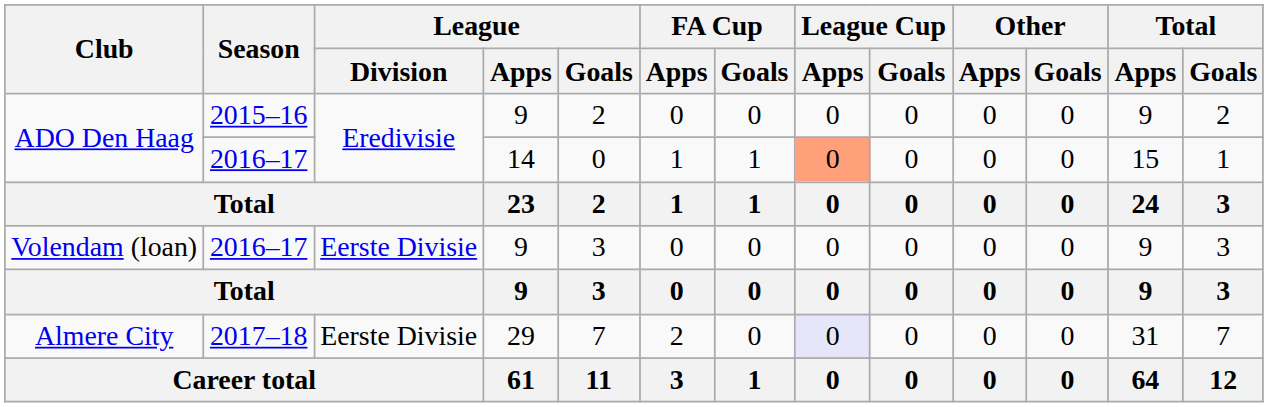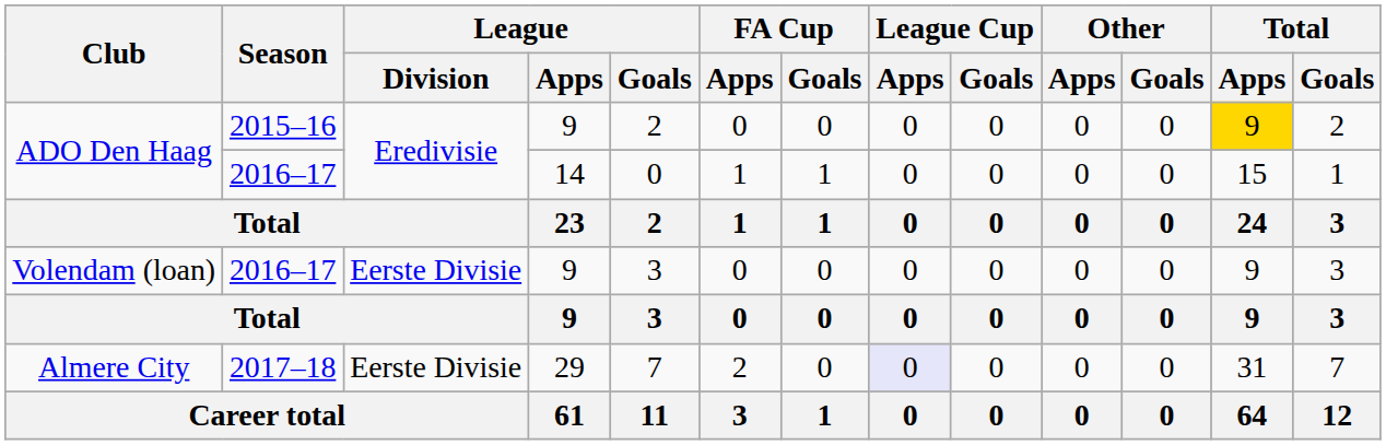 <table class="wikitable" style="text-align: center;">
 <tr>
 <th rowspan="2">Club</th>
 <th rowspan="2">Season</th>
 <th colspan="3">League</th>
 <th colspan="2">FA Cup</th>
 <th colspan="2">League Cup</th>
 <th colspan="2">Other</th>
 <th colspan="2">Total</th>
 </tr>
 <tr>
 <th>Division</th>
 <th>Apps</th>
 <th>Goals</th>
 <th>Apps</th>
 <th>Goals</th>
 <th>Apps</th>
 <th>Goals</th>
 <th>Apps</th>
 <th>Goals</th>
 <th>Apps</th>
 <th>Goals</th>
 </tr>
 <tr>
 <td rowspan="2"><a href='#'>ADO Den Haag</a></td>
 <td><a href='#'>2015–16</a></td>
 <td rowspan="2"><a href='#'>Eredivisie</a></td>
 <td>9</td>
 <td>2</td>
 <td>0</td>
 <td>0</td>
 <td>0</td>
 <td>0</td>
 <td>0</td>
 <td>0</td>
-<td>9</td>
+<td style="background: gold;">9</td>
 <td>2</td>
 </tr>
 <tr>
 <td><a href='#'>2016–17</a></td>
 <td>14</td>
 <td>0</td>
 <td>1</td>
 <td>1</td>
-<td style="background: lightsalmon;">0</td>
+<td>0</td>
 <td>0</td>
 <td>0</td>
 <td>0</td>
 <td>15</td>
 <td>1</td>
 </tr>
 <tr>
 <th colspan="3">Total</th>
 <th>23</th>
 <th>2</th>
 <th>1</th>
 <th>1</th>
 <th>0</th>
 <th>0</th>
 <th>0</th>
 <th>0</th>
 <th>24</th>
 <th>3</th>
 </tr>
 <tr>
 <td rowspan="1"><a href='#'>Volendam</a> (loan)</td>
 <td><a href='#'>2016–17</a></td>
 <td><a href='#'>Eerste Divisie</a></td>
 <td>9</td>
 <td>3</td>
 <td>0</td>
 <td>0</td>
 <td>0</td>
 <td>0</td>
 <td>0</td>
 <td>0</td>
 <td>9</td>
 <td>3</td>
 </tr>
 <tr>
 <th colspan="3">Total</th>
 <th>9</th>
 <th>3</th>
 <th>0</th>
 <th>0</th>
 <th>0</th>
 <th>0</th>
 <th>0</th>
 <th>0</th>
 <th>9</th>
 <th>3</th>
 </tr>
 <tr>
 <td rowspan="1"><a href='#'>Almere City</a></td>
 <td><a href='#'>2017–18</a></td>
 <td>Eerste Divisie</td>
 <td>29</td>
 <td>7</td>
 <td>2</td>
 <td>0</td>
 <td style="background: lavender;">0</td>
 <td>0</td>
 <td>0</td>
 <td>0</td>
 <td>31</td>
 <td>7</td>
 </tr>
 <tr>
 <th colspan="3">Career total</th>
 <th>61</th>
 <th>11</th>
 <th>3</th>
 <th>1</th>
 <th>0</th>
 <th>0</th>
 <th>0</th>
 <th>0</th>
 <th>64</th>
 <th>12</th>
 </tr>
 </table>
